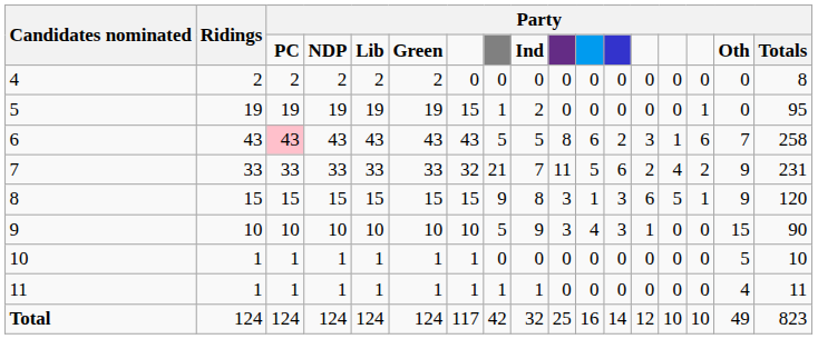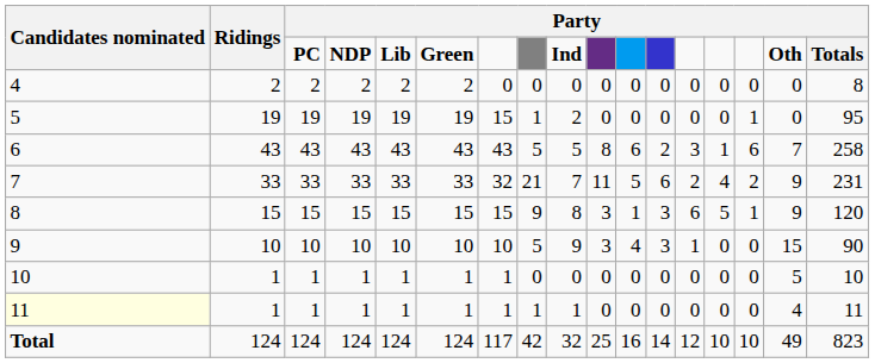 <table class="wikitable" style="text-align:right;">
 <tr>
 <th rowspan="2">Candidates nominated</th>
 <th rowspan="2">Ridings</th>
 <th colspan="15">Party</th>
 </tr>
 <tr>
 <td><strong>PC</strong></td>
 <td><strong>NDP</strong></td>
 <td><strong>Lib</strong></td>
 <td><strong>Green</strong></td>
 <td><strong></strong></td>
 <td style="background-color:#808080; color: white" align="center"><strong></strong></td>
 <td><strong>Ind</strong></td>
 <td style="background-color:#642C85; color: white" align="center"><strong></strong></td>
 <td style="background-color:#009bef; color: white" align="center"><strong></strong></td>
 <td style="background-color:#3333CC; color: white" align="center"><strong></strong></td>
 <td><strong></strong></td>
 <td><strong></strong></td>
 <td><strong></strong></td>
 <td><strong>Oth</strong></td>
 <th>Totals</th>
 </tr>
 <tr>
 <td style="text-align:left;">4</td>
 <td>2</td>
 <td>2</td>
 <td>2</td>
 <td>2</td>
 <td>2</td>
 <td>0</td>
 <td>0</td>
 <td>0</td>
 <td>0</td>
 <td>0</td>
 <td>0</td>
 <td>0</td>
 <td>0</td>
 <td>0</td>
 <td>0</td>
 <td>8</td>
 </tr>
 <tr>
 <td style="text-align:left;">5</td>
 <td>19</td>
 <td>19</td>
 <td>19</td>
 <td>19</td>
 <td>19</td>
 <td>15</td>
 <td>1</td>
 <td>2</td>
 <td>0</td>
 <td>0</td>
 <td>0</td>
 <td>0</td>
 <td>0</td>
 <td>1</td>
 <td>0</td>
 <td>95</td>
 </tr>
 <tr>
 <td style="text-align:left;">6</td>
 <td>43</td>
-<td style="background: pink;">43</td>
+<td>43</td>
 <td>43</td>
 <td>43</td>
 <td>43</td>
 <td>43</td>
 <td>5</td>
 <td>5</td>
 <td>8</td>
 <td>6</td>
 <td>2</td>
 <td>3</td>
 <td>1</td>
 <td>6</td>
 <td>7</td>
 <td>258</td>
 </tr>
 <tr>
 <td style="text-align:left;">7</td>
 <td>33</td>
 <td>33</td>
 <td>33</td>
 <td>33</td>
 <td>33</td>
 <td>32</td>
 <td>21</td>
 <td>7</td>
 <td>11</td>
 <td>5</td>
 <td>6</td>
 <td>2</td>
 <td>4</td>
 <td>2</td>
 <td>9</td>
 <td>231</td>
 </tr>
 <tr>
 <td style="text-align:left;">8</td>
 <td>15</td>
 <td>15</td>
 <td>15</td>
 <td>15</td>
 <td>15</td>
 <td>15</td>
 <td>9</td>
 <td>8</td>
 <td>3</td>
 <td>1</td>
 <td>3</td>
 <td>6</td>
 <td>5</td>
 <td>1</td>
 <td>9</td>
 <td>120</td>
 </tr>
 <tr>
 <td style="text-align:left;">9</td>
 <td>10</td>
 <td>10</td>
 <td>10</td>
 <td>10</td>
 <td>10</td>
 <td>10</td>
 <td>5</td>
 <td>9</td>
 <td>3</td>
 <td>4</td>
 <td>3</td>
 <td>1</td>
 <td>0</td>
 <td>0</td>
 <td>15</td>
 <td>90</td>
 </tr>
 <tr>
 <td style="text-align:left;">10</td>
 <td>1</td>
 <td>1</td>
 <td>1</td>
 <td>1</td>
 <td>1</td>
 <td>1</td>
 <td>0</td>
 <td>0</td>
 <td>0</td>
 <td>0</td>
 <td>0</td>
 <td>0</td>
 <td>0</td>
 <td>0</td>
 <td>5</td>
 <td>10</td>
 </tr>
 <tr>
-<td style="text-align:left;">11</td>
+<td style="background: lightyellow; text-align:left;">11</td>
 <td>1</td>
 <td>1</td>
 <td>1</td>
 <td>1</td>
 <td>1</td>
 <td>1</td>
 <td>1</td>
 <td>1</td>
 <td>0</td>
 <td>0</td>
 <td>0</td>
 <td>0</td>
 <td>0</td>
 <td>0</td>
 <td>4</td>
 <td>11</td>
 </tr>
 <tr>
 <td style="text-align:left;"><strong>Total</strong></td>
 <td>124</td>
 <td>124</td>
 <td>124</td>
 <td>124</td>
 <td>124</td>
 <td>117</td>
 <td>42</td>
 <td>32</td>
 <td>25</td>
 <td>16</td>
 <td>14</td>
 <td>12</td>
 <td>10</td>
 <td>10</td>
 <td>49</td>
 <td>823</td>
 </tr>
 </table>
